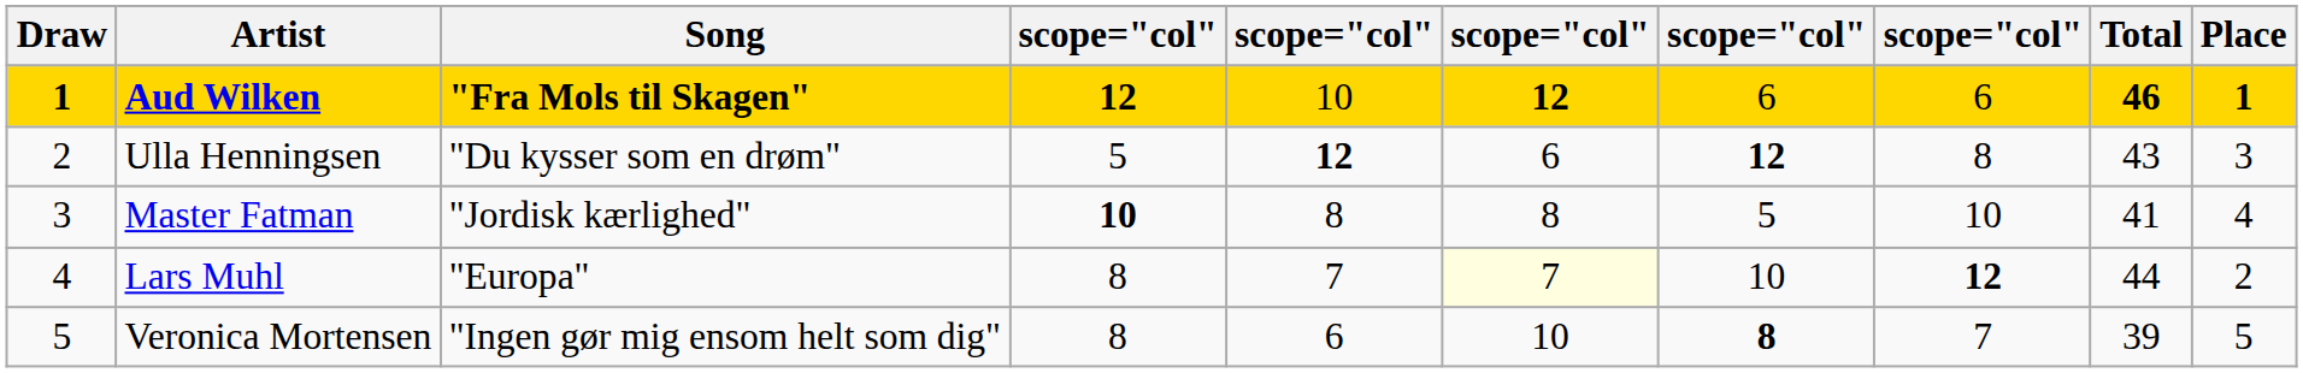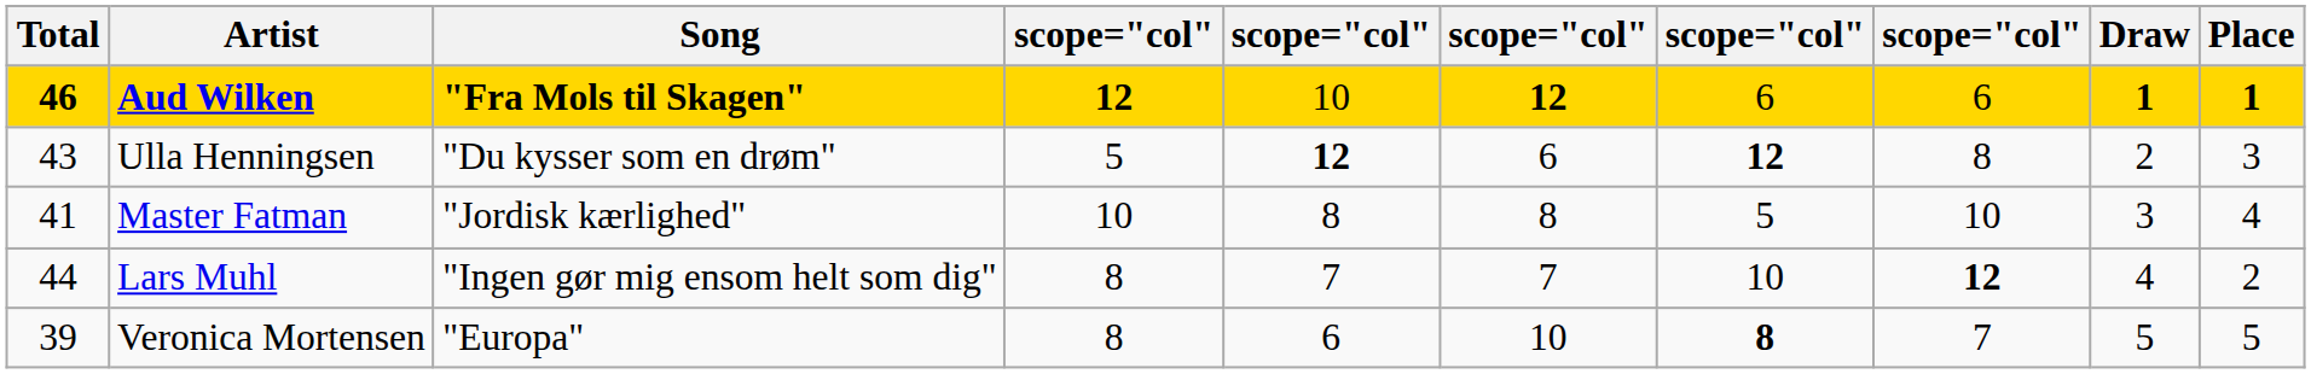 <table class="wikitable plainrowheaders" style="margin: 1em auto 1em auto; text-align:center;">
 <tr>
-<th scope="col">Draw</th>
+<th scope="col">Total</th>
 <th scope="col">Artist</th>
 <th scope="col">Song</th>
 <th>scope="col" </th>
 <th>scope="col" </th>
 <th>scope="col" </th>
 <th>scope="col" </th>
 <th>scope="col" </th>
-<th scope="col">Total</th>
+<th scope="col">Draw</th>
 <th scope="col">Place</th>
 </tr>
 <tr bgcolor="gold">
-<td><strong>1</strong></td>
+<td><strong>46</strong></td>
 <td align="left"><strong><a href='#'>Aud Wilken</a></strong></td>
 <td align="left"><strong>"Fra Mols til Skagen"</strong></td>
 <td><strong>12</strong></td>
 <td>10</td>
 <td><strong>12</strong></td>
 <td>6</td>
 <td>6</td>
-<td><strong>46</strong></td>
+<td><strong>1</strong></td>
 <td><strong>1</strong></td>
 </tr>
 <tr>
-<td>2</td>
+<td>43</td>
 <td align="left">Ulla Henningsen</td>
 <td align="left">"Du kysser som en drøm"</td>
 <td>5</td>
 <td><strong>12</strong></td>
 <td>6</td>
 <td><strong>12</strong></td>
 <td>8</td>
-<td>43</td>
+<td>2</td>
 <td>3</td>
 </tr>
 <tr>
-<td>3</td>
+<td>41</td>
 <td align="left"><a href='#'>Master Fatman</a></td>
 <td align="left">"Jordisk kærlighed"</td>
-<td><strong>10</strong></td>
+<td>10</td>
 <td>8</td>
 <td>8</td>
 <td>5</td>
 <td>10</td>
-<td>41</td>
+<td>3</td>
 <td>4</td>
 </tr>
 <tr>
-<td>4</td>
+<td>44</td>
 <td align="left"><a href='#'>Lars Muhl</a></td>
-<td align="left">"Europa"</td>
+<td align="left">"Ingen gør mig ensom helt som dig"</td>
 <td>8</td>
 <td>7</td>
-<td style="background: lightyellow;">7</td>
+<td>7</td>
 <td>10</td>
 <td><strong>12</strong></td>
-<td>44</td>
+<td>4</td>
 <td>2</td>
 </tr>
 <tr>
-<td>5</td>
+<td>39</td>
 <td align="left">Veronica Mortensen</td>
-<td align="left">"Ingen gør mig ensom helt som dig"</td>
+<td align="left">"Europa"</td>
 <td>8</td>
 <td>6</td>
 <td>10</td>
 <td><strong>8</strong></td>
 <td>7</td>
-<td>39</td>
+<td>5</td>
 <td>5</td>
 </tr>
 </table>
